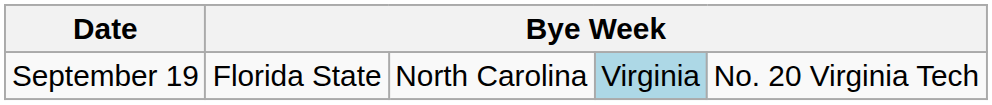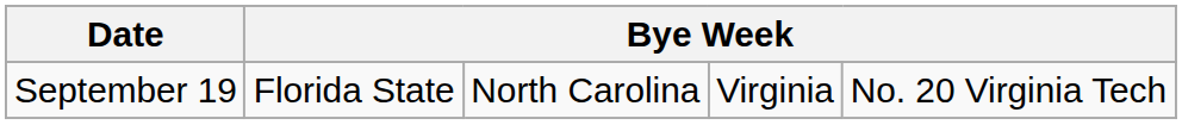 <table class="wikitable" style="font-size:95%;">
 <tr>
 <th>Date</th>
 <th colspan="4">Bye Week</th>
 </tr>
 <tr>
 <td>September 19</td>
 <td>Florida State</td>
 <td>North Carolina</td>
-<td style="background: lightblue;">Virginia</td>
+<td>Virginia</td>
 <td>No. 20 Virginia Tech</td>
 </tr>
 </table>
